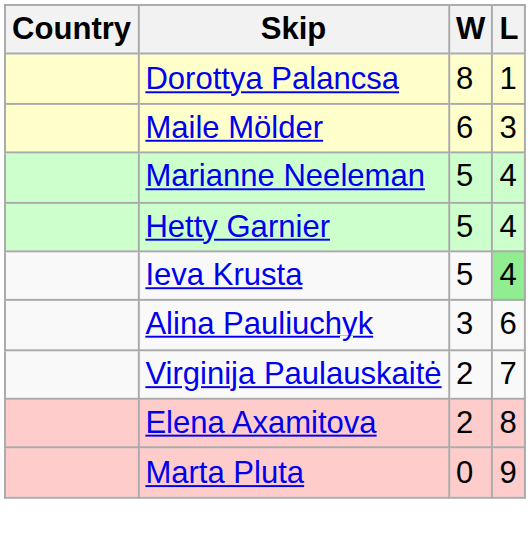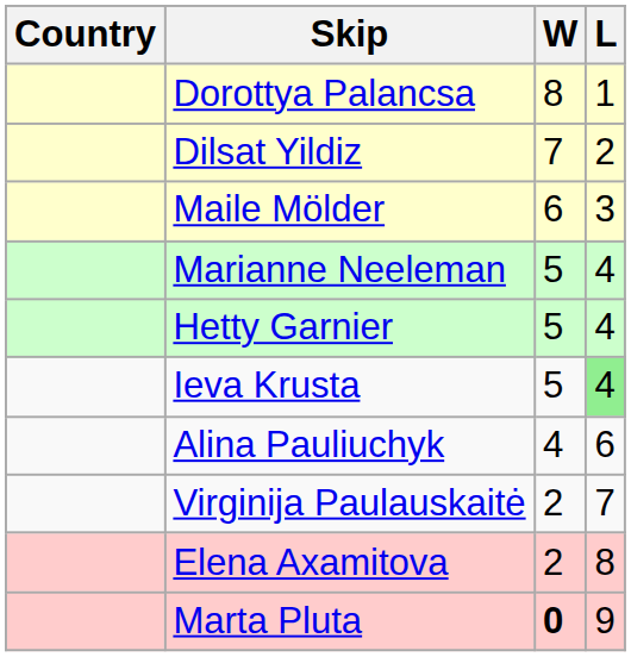 <table class=wikitable>
 <tr>
 <th>Country</th>
 <th>Skip</th>
 <th>W</th>
 <th>L</th>
 </tr>
 <tr style="background:#ffffcc;">
 <td></td>
 <td><a href='#'>Dorottya Palancsa</a></td>
 <td>8</td>
 <td>1</td>
+</tr>
+<tr style="background:#ffffcc;">
+<td></td>
+<td><a href='#'>Dilsat Yildiz</a></td>
+<td>7</td>
+<td>2</td>
 </tr>
 <tr style="background:#ffffcc;">
 <td></td>
 <td><a href='#'>Maile Mölder</a></td>
 <td>6</td>
 <td>3</td>
 </tr>
 <tr style="background:#ccffcc;">
 <td></td>
 <td><a href='#'>Marianne Neeleman</a></td>
 <td>5</td>
 <td>4</td>
 </tr>
 <tr style="background:#ccffcc;">
 <td></td>
 <td><a href='#'>Hetty Garnier</a></td>
 <td>5</td>
 <td>4</td>
 </tr>
 <tr>
 <td></td>
 <td><a href='#'>Ieva Krusta</a></td>
 <td>5</td>
 <td style="background: lightgreen;">4</td>
 </tr>
 <tr>
 <td></td>
 <td><a href='#'>Alina Pauliuchyk</a></td>
-<td>3</td>
+<td>4</td>
 <td>6</td>
 </tr>
 <tr>
 <td></td>
 <td><a href='#'>Virginija Paulauskaitė</a></td>
 <td>2</td>
 <td>7</td>
 </tr>
 <tr style="background:#ffcccc;">
 <td></td>
 <td><a href='#'>Elena Axamitova</a></td>
 <td>2</td>
 <td>8</td>
 </tr>
 <tr style="background:#ffcccc;">
 <td></td>
 <td><a href='#'>Marta Pluta</a></td>
-<td>0</td>
+<td><strong>0</strong></td>
 <td>9</td>
 </tr>
 </table>
